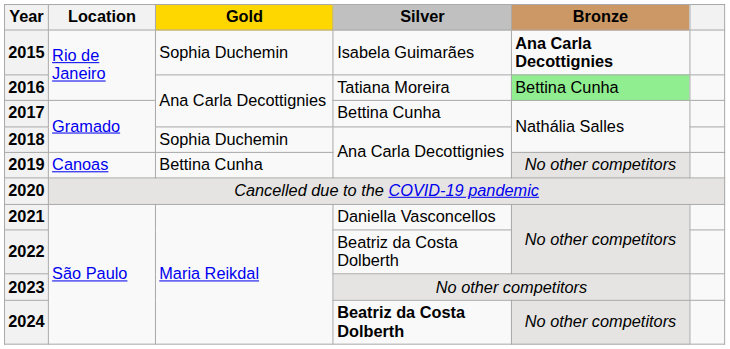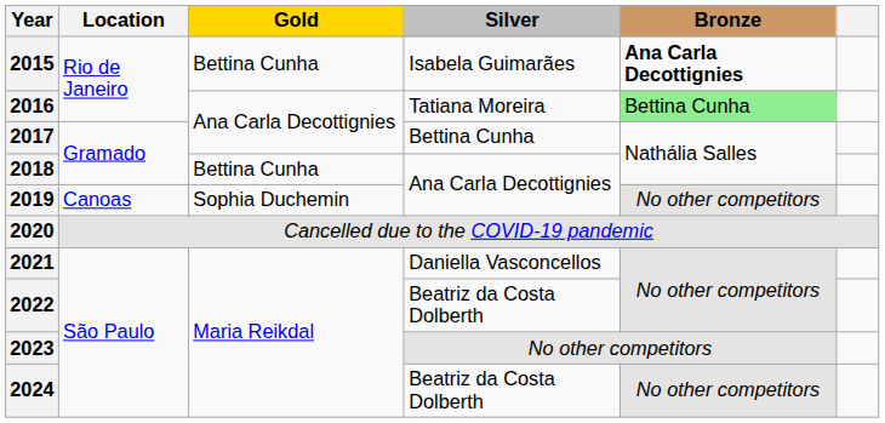 <table class="wikitable unsortable" style="text-align:left; width:80%;">
 <tr>
 <th scope="col" style="text-align:center; width:5%;">Year</th>
 <th scope="col" style="text-align:center; width:15%;">Location</th>
 <td scope="col" style="text-align:center; width:25%; background:gold"><strong>Gold</strong></td>
 <td scope="col" style="text-align:center; width:25%; background:silver"><strong>Silver</strong></td>
 <td scope="col" style="text-align:center; width:25%; background:#c96"><strong>Bronze</strong></td>
 <th scope="col" style="text-align:center; width:5%;"></th>
 </tr>
 <tr>
 <th scope="row">2015</th>
 <td rowspan="2"><a href='#'>Rio de Janeiro</a></td>
-<td>Sophia Duchemin</td>
+<td>Bettina Cunha</td>
 <td>Isabela Guimarães</td>
 <td><strong>Ana Carla Decottignies</strong></td>
 <td></td>
 </tr>
 <tr>
 <th scope="row">2016</th>
 <td rowspan="2">Ana Carla Decottignies</td>
 <td>Tatiana Moreira</td>
 <td style="background: lightgreen;">Bettina Cunha</td>
 <td></td>
 </tr>
 <tr>
 <th scope="row">2017</th>
 <td rowspan="2"><a href='#'>Gramado</a></td>
 <td>Bettina Cunha</td>
 <td rowspan="2">Nathália Salles</td>
 <td></td>
 </tr>
 <tr>
 <th scope="row">2018</th>
-<td>Sophia Duchemin</td>
+<td>Bettina Cunha</td>
 <td rowspan="2">Ana Carla Decottignies</td>
 <td></td>
 </tr>
 <tr>
 <th scope="row">2019</th>
 <td><a href='#'>Canoas</a></td>
-<td>Bettina Cunha</td>
+<td>Sophia Duchemin</td>
 <td align="center" bgcolor="e5e4e2"><em>No other competitors</em></td>
 <td></td>
 </tr>
 <tr>
 <th scope="row">2020</th>
 <td colspan=5 align="center" bgcolor="e5e4e2"><em>Cancelled due to the <a href='#'>COVID-19 pandemic</a></em></td>
 </tr>
 <tr>
 <th scope="row">2021</th>
 <td rowspan="4"><a href='#'>São Paulo</a></td>
 <td rowspan="4"><a href='#'>Maria Reikdal</a></td>
 <td>Daniella Vasconcellos</td>
 <td rowspan="2" align="center" bgcolor="e5e4e2"><em>No other competitors</em></td>
 <td></td>
 </tr>
 <tr>
 <th scope="row">2022</th>
 <td>Beatriz da Costa Dolberth</td>
 <td></td>
 </tr>
 <tr>
 <th scope="row">2023</th>
 <td colspan="2" align="center" bgcolor="e5e4e2"><em>No other competitors</em></td>
 <td></td>
 </tr>
 <tr>
 <th scope="row">2024</th>
-<td><strong>Beatriz da Costa Dolberth</strong></td>
+<td>Beatriz da Costa Dolberth</td>
 <td align="center" bgcolor="e5e4e2"><em>No other competitors</em></td>
 <td></td>
 </tr>
 </table>
